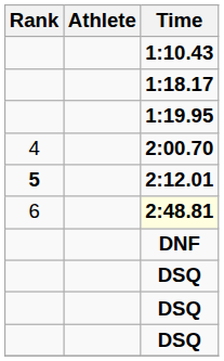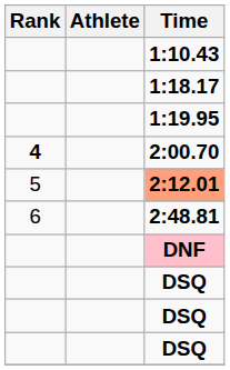 <table class=wikitable style="text-align:center;">
 <tr>
 <th>Rank</th>
 <th>Athlete</th>
 <th>Time</th>
 </tr>
 <tr>
 <td></td>
 <td align=left></td>
 <td><strong>1:10.43</strong></td>
 </tr>
 <tr>
 <td></td>
 <td align=left></td>
 <td><strong>1:18.17</strong></td>
 </tr>
 <tr>
 <td></td>
 <td align=left></td>
 <td><strong>1:19.95</strong></td>
 </tr>
 <tr>
-<td>4</td>
+<td><strong>4</strong></td>
 <td align=left></td>
 <td><strong>2:00.70</strong></td>
 </tr>
 <tr>
-<td><strong>5</strong></td>
+<td>5</td>
 <td align=left></td>
-<td><strong>2:12.01</strong></td>
+<td style="background: lightsalmon;"><strong>2:12.01</strong></td>
 </tr>
 <tr>
 <td>6</td>
 <td align=left></td>
-<td style="background: lightyellow;"><strong>2:48.81</strong></td>
+<td><strong>2:48.81</strong></td>
 </tr>
 <tr>
 <td></td>
 <td align=left></td>
-<td><strong>DNF</strong></td>
+<td style="background: pink;"><strong>DNF</strong></td>
 </tr>
 <tr>
 <td></td>
 <td align=left></td>
 <td><strong>DSQ</strong></td>
 </tr>
 <tr>
 <td></td>
 <td align=left></td>
 <td><strong>DSQ</strong></td>
 </tr>
 <tr>
 <td></td>
 <td align=left></td>
 <td><strong>DSQ</strong></td>
 </tr>
 <tr>
 </tr>
 </table>
